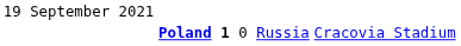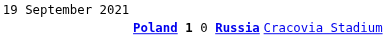 <table>
 <tr>
 <td>19 September 2021</td>
 </tr>
 <tr>
 <td></td>
 <td align=right><strong><a href='#'>Poland</a></strong></td>
 <td></td>
 <td><strong>1</strong> 0</td>
 <td></td>
-<td><a href='#'>Russia</a></td>
+<td><strong><a href='#'>Russia</a></strong></td>
 <td><a href='#'>Cracovia Stadium</a></td>
 </tr>
 </table>
